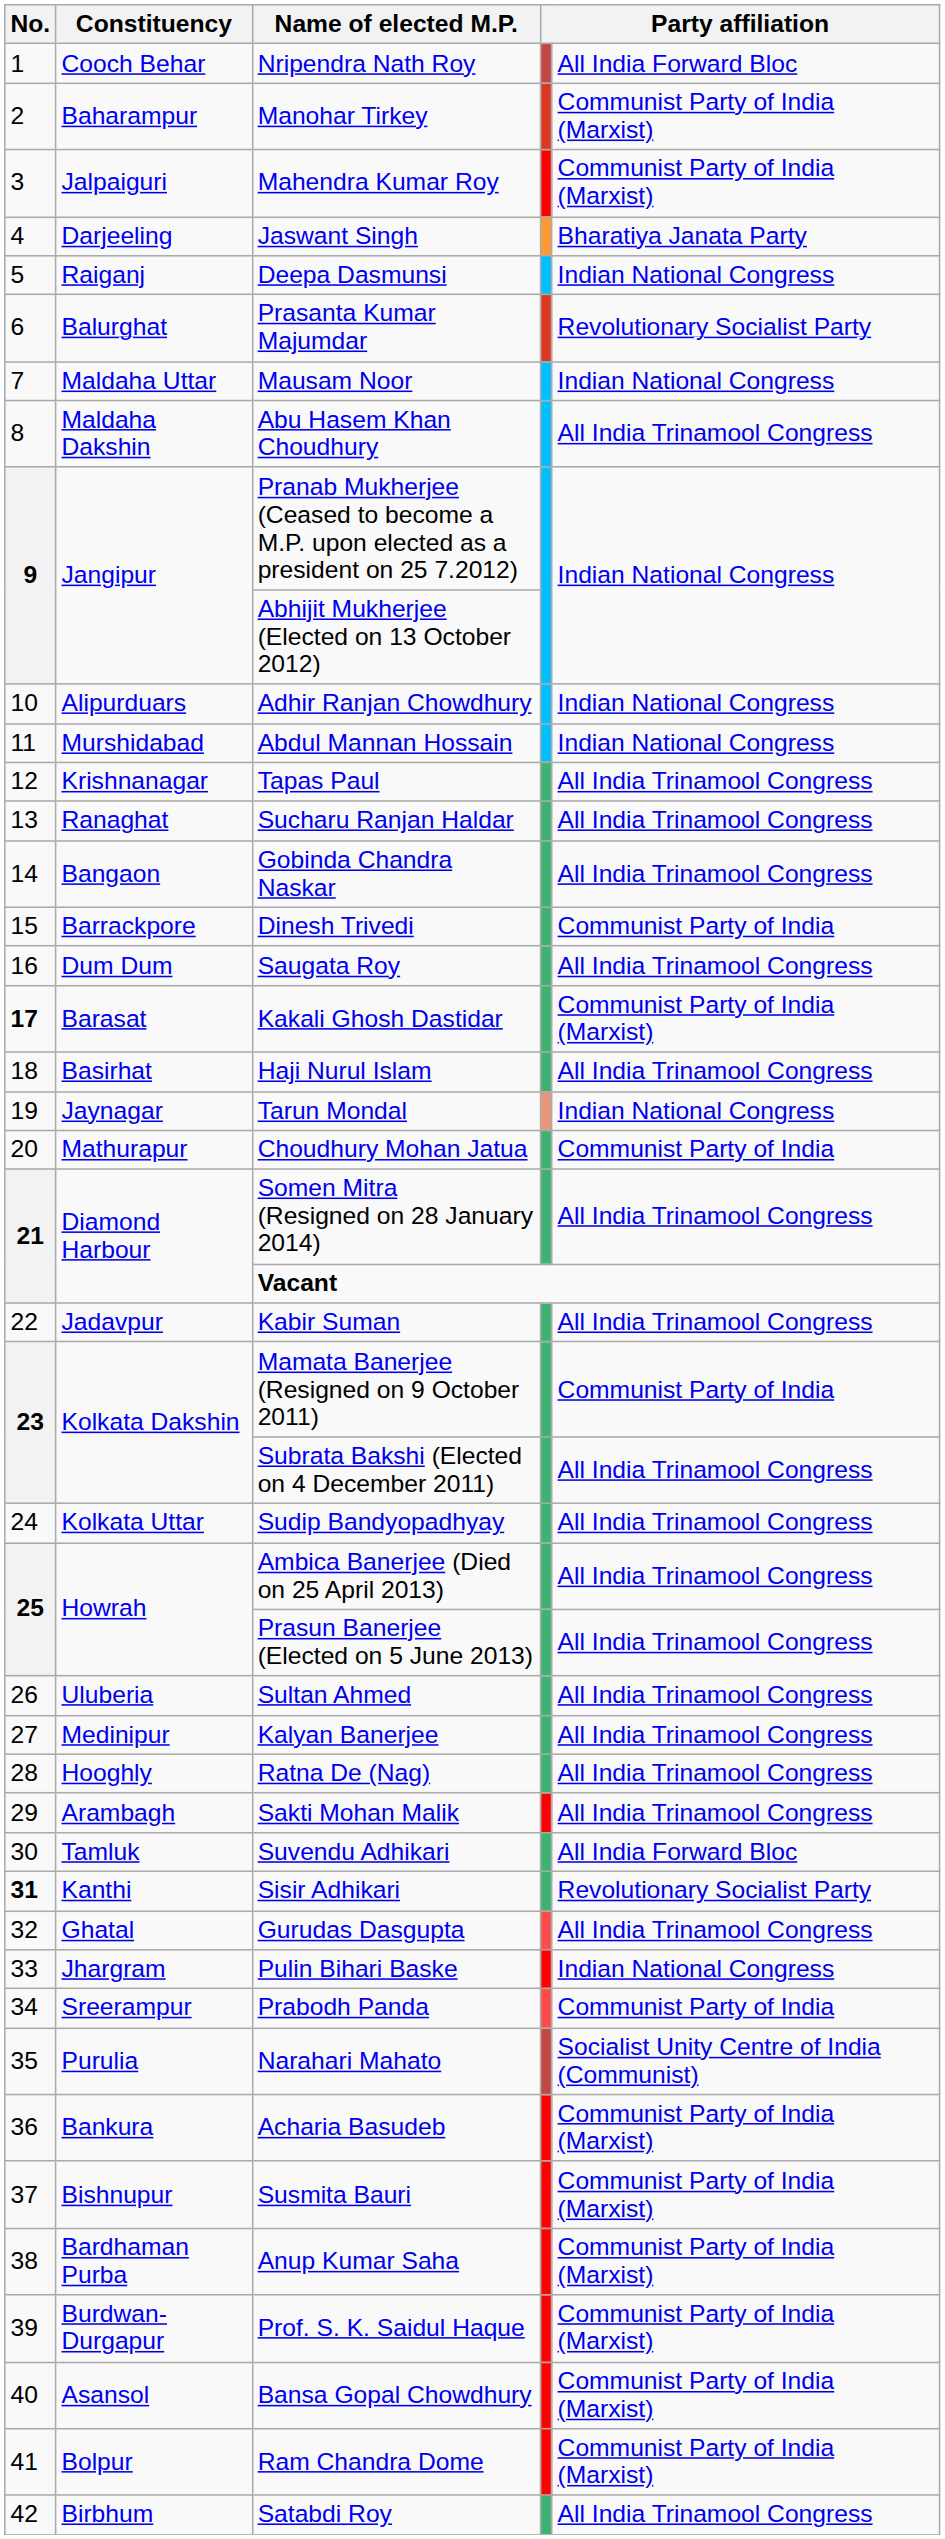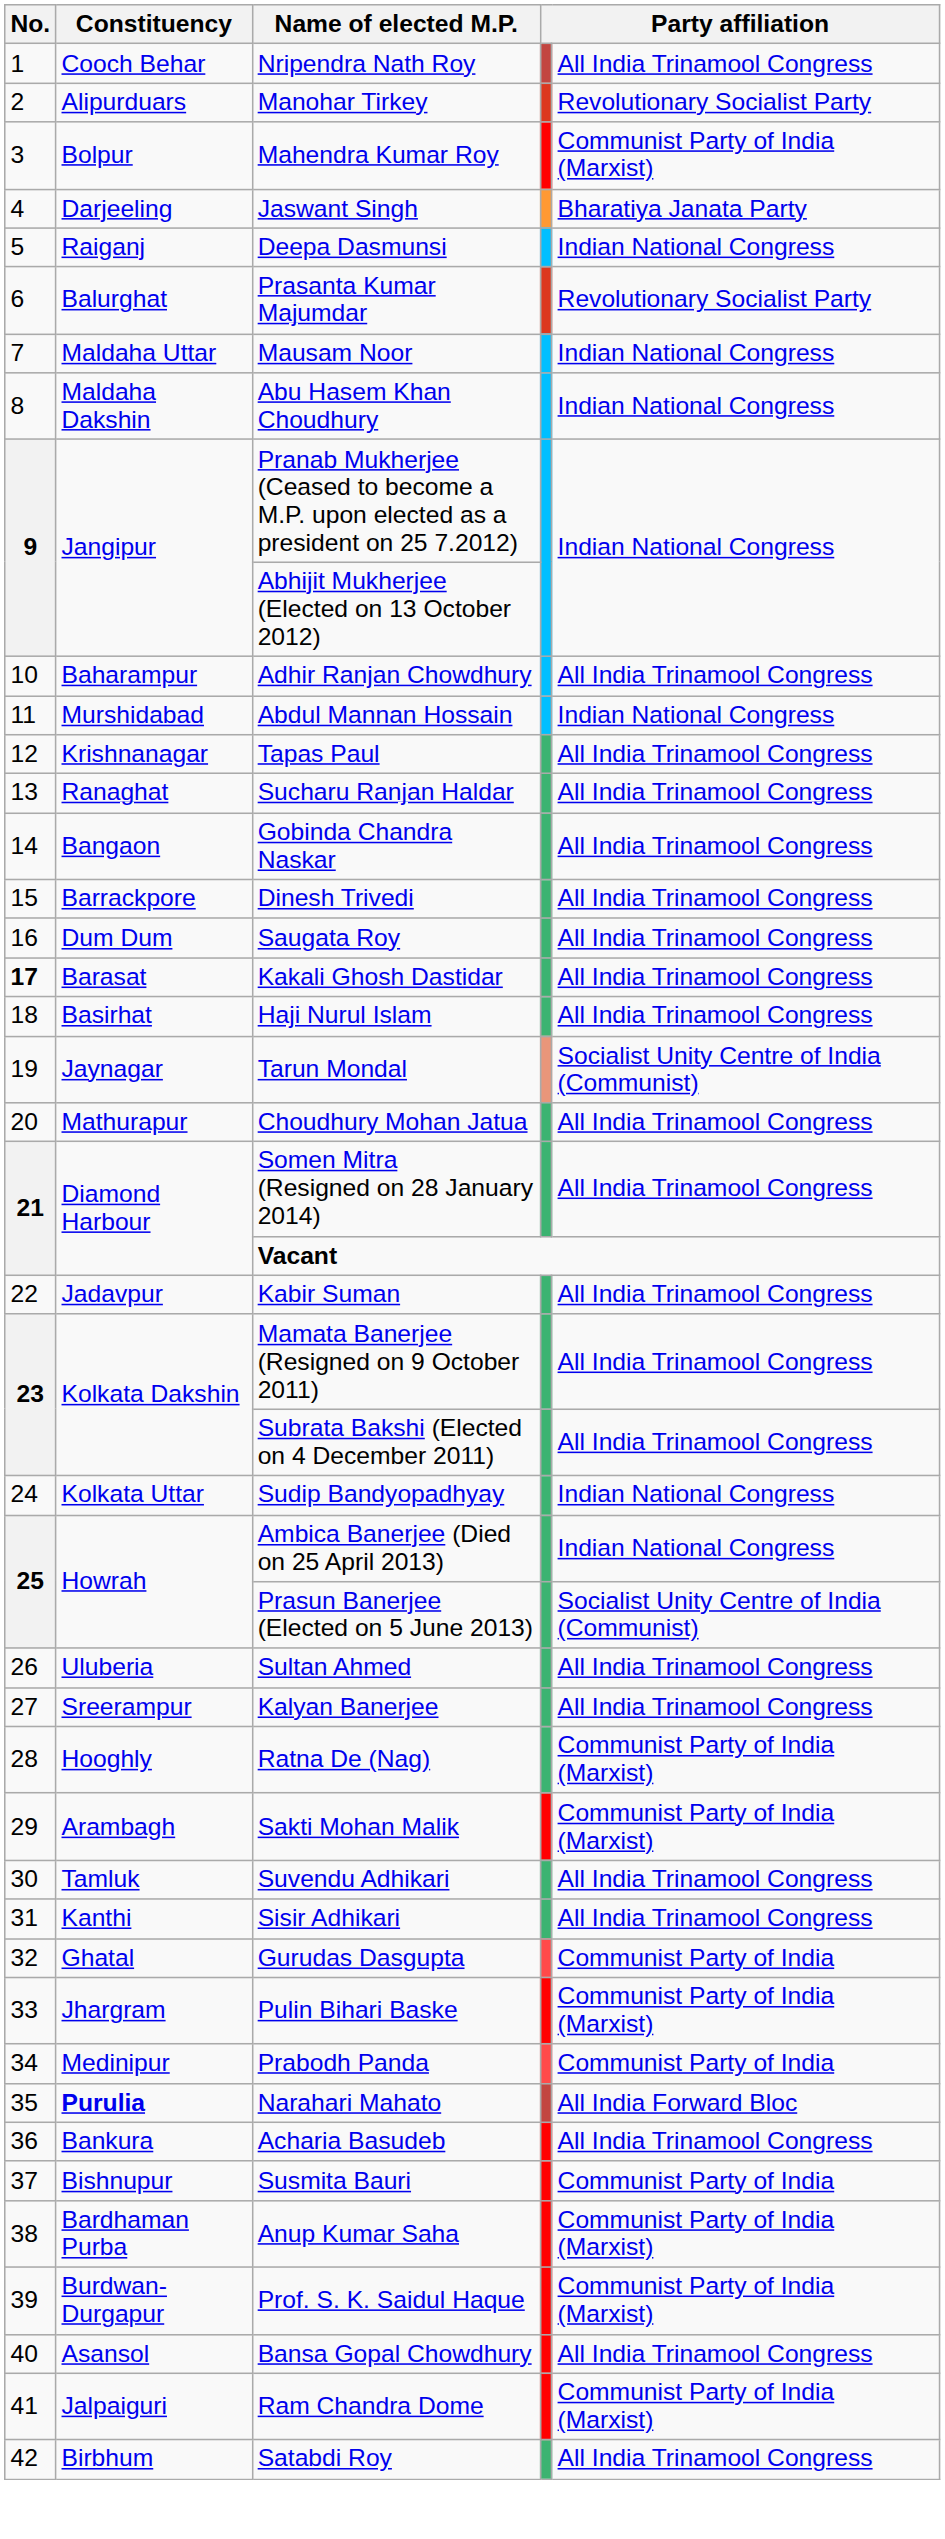 <table class="sortable wikitable">
 <tr>
 <th>No.</th>
 <th style="width:120px">Constituency</th>
 <th style="width:180px">Name of elected M.P.</th>
 <th Colspan=2>Party affiliation</th>
 </tr>
 <tr>
 <td>1</td>
 <td><a href='#'>Cooch Behar</a></td>
 <td><a href='#'>Nripendra Nath Roy</a></td>
 <td bgcolor=#C24641></td>
-<td><a href='#'>All India Forward Bloc</a></td>
+<td><a href='#'>All India Trinamool Congress</a></td>
 </tr>
 <tr>
 <td>2</td>
-<td><a href='#'>Baharampur</a></td>
+<td><a href='#'>Alipurduars</a></td>
 <td><a href='#'>Manohar Tirkey</a></td>
 <td bgcolor=#DC381F></td>
-<td><a href='#'>Communist Party of India (Marxist)</a></td>
+<td><a href='#'>Revolutionary Socialist Party</a></td>
 </tr>
 <tr>
 <td>3</td>
-<td><a href='#'>Jalpaiguri</a></td>
+<td><a href='#'>Bolpur</a></td>
 <td><a href='#'>Mahendra Kumar Roy</a></td>
 <td bgcolor=#FF0000></td>
 <td><a href='#'>Communist Party of India (Marxist)</a></td>
 </tr>
 <tr>
 <td>4</td>
 <td><a href='#'>Darjeeling</a></td>
 <td><a href='#'>Jaswant Singh</a></td>
 <td bgcolor=#FF9933></td>
 <td><a href='#'>Bharatiya Janata Party</a></td>
 </tr>
 <tr>
 <td>5</td>
 <td><a href='#'>Raiganj</a></td>
 <td><a href='#'>Deepa Dasmunsi</a></td>
 <td bgcolor=#00BFFF></td>
 <td><a href='#'>Indian National Congress</a></td>
 </tr>
 <tr>
 <td>6</td>
 <td><a href='#'>Balurghat</a></td>
 <td><a href='#'>Prasanta Kumar Majumdar</a></td>
 <td bgcolor=#DC381F></td>
 <td><a href='#'>Revolutionary Socialist Party</a></td>
 </tr>
 <tr>
 <td>7</td>
 <td><a href='#'>Maldaha Uttar</a></td>
 <td><a href='#'>Mausam Noor</a></td>
 <td bgcolor=#00BFFF></td>
 <td><a href='#'>Indian National Congress</a></td>
 </tr>
 <tr>
 <td>8</td>
 <td><a href='#'>Maldaha Dakshin</a></td>
 <td><a href='#'>Abu Hasem Khan Choudhury</a></td>
 <td bgcolor=#00BFFF></td>
-<td><a href='#'>All India Trinamool Congress</a></td>
+<td><a href='#'>Indian National Congress</a></td>
 </tr>
 <tr>
 <th rowspan="2">9</th>
 <td rowspan="2"><a href='#'>Jangipur</a></td>
 <td><a href='#'>Pranab Mukherjee</a><br>(Ceased to become a M.P. upon elected as a president on 25 7.2012)</td>
 <td rowspan="2" bgcolor=#00BFFF></td>
 <td rowspan="2"><a href='#'>Indian National Congress</a></td>
 </tr>
 <tr>
 <td><a href='#'>Abhijit Mukherjee</a><br>(Elected on 13 October 2012)</td>
 </tr>
 <tr>
 <td>10</td>
-<td><a href='#'>Alipurduars</a></td>
+<td><a href='#'>Baharampur</a></td>
 <td><a href='#'>Adhir Ranjan Chowdhury</a></td>
 <td bgcolor=#00BFFF></td>
-<td><a href='#'>Indian National Congress</a></td>
+<td><a href='#'>All India Trinamool Congress</a></td>
 </tr>
 <tr>
 <td>11</td>
 <td><a href='#'>Murshidabad</a></td>
 <td><a href='#'>Abdul Mannan Hossain</a></td>
 <td bgcolor=#00BFFF></td>
 <td><a href='#'>Indian National Congress</a></td>
 </tr>
 <tr>
 <td>12</td>
 <td><a href='#'>Krishnanagar</a></td>
 <td><a href='#'>Tapas Paul</a></td>
 <td bgcolor=#3CB371></td>
 <td><a href='#'>All India Trinamool Congress</a></td>
 </tr>
 <tr>
 <td>13</td>
 <td><a href='#'>Ranaghat</a></td>
 <td><a href='#'>Sucharu Ranjan Haldar</a></td>
 <td bgcolor=#3CB371></td>
 <td><a href='#'>All India Trinamool Congress</a></td>
 </tr>
 <tr>
 <td>14</td>
 <td><a href='#'>Bangaon</a></td>
 <td><a href='#'>Gobinda Chandra Naskar</a></td>
 <td bgcolor=#3CB371></td>
 <td><a href='#'>All India Trinamool Congress</a></td>
 </tr>
 <tr>
 <td>15</td>
 <td><a href='#'>Barrackpore</a></td>
 <td><a href='#'>Dinesh Trivedi</a></td>
 <td bgcolor=#3CB371></td>
-<td><a href='#'>Communist Party of India</a></td>
+<td><a href='#'>All India Trinamool Congress</a></td>
 </tr>
 <tr>
 <td>16</td>
 <td><a href='#'>Dum Dum</a></td>
 <td><a href='#'>Saugata Roy</a></td>
 <td bgcolor=#3CB371></td>
 <td><a href='#'>All India Trinamool Congress</a></td>
 </tr>
 <tr>
 <td><strong>17</strong></td>
 <td><a href='#'>Barasat</a></td>
 <td><a href='#'>Kakali Ghosh Dastidar</a></td>
 <td bgcolor=#3CB371></td>
-<td><a href='#'>Communist Party of India (Marxist)</a></td>
+<td><a href='#'>All India Trinamool Congress</a></td>
 </tr>
 <tr>
 <td>18</td>
 <td><a href='#'>Basirhat</a></td>
 <td><a href='#'>Haji Nurul Islam</a></td>
 <td bgcolor=#3CB371></td>
 <td><a href='#'>All India Trinamool Congress</a></td>
 </tr>
 <tr>
 <td>19</td>
 <td><a href='#'>Jaynagar</a></td>
 <td><a href='#'>Tarun Mondal</a></td>
 <td bgcolor=darksalmon></td>
-<td><a href='#'>Indian National Congress</a></td>
+<td><a href='#'>Socialist Unity Centre of India (Communist)</a></td>
 </tr>
 <tr>
 <td>20</td>
 <td><a href='#'>Mathurapur</a></td>
 <td><a href='#'>Choudhury Mohan Jatua</a></td>
 <td bgcolor=#3CB371></td>
-<td><a href='#'>Communist Party of India</a></td>
+<td><a href='#'>All India Trinamool Congress</a></td>
 </tr>
 <tr>
 <th rowspan="2">21</th>
 <td rowspan="2"><a href='#'>Diamond Harbour</a></td>
 <td><a href='#'>Somen Mitra</a><br>(Resigned on 28 January 2014)</td>
 <td bgcolor=#3CB371></td>
 <td><a href='#'>All India Trinamool Congress</a></td>
 </tr>
 <tr>
 <td colspan="3"><strong>Vacant</strong></td>
 </tr>
 <tr>
 <td>22</td>
 <td><a href='#'>Jadavpur</a></td>
 <td><a href='#'>Kabir Suman</a></td>
 <td bgcolor=#3CB371></td>
 <td><a href='#'>All India Trinamool Congress</a></td>
 </tr>
 <tr>
 <th rowspan="2">23</th>
 <td rowspan="2"><a href='#'>Kolkata Dakshin</a></td>
 <td><a href='#'>Mamata Banerjee</a><br>(Resigned on 9 October 2011)</td>
 <td bgcolor=#3CB371></td>
-<td><a href='#'>Communist Party of India</a></td>
+<td><a href='#'>All India Trinamool Congress</a></td>
 </tr>
 <tr>
 <td><a href='#'>Subrata Bakshi</a> (Elected on 4 December 2011)</td>
 <td bgcolor=#3CB371></td>
 <td><a href='#'>All India Trinamool Congress</a></td>
 </tr>
 <tr>
 <td>24</td>
 <td><a href='#'>Kolkata Uttar</a></td>
 <td><a href='#'>Sudip Bandyopadhyay</a></td>
 <td bgcolor=#3CB371></td>
-<td><a href='#'>All India Trinamool Congress</a></td>
+<td><a href='#'>Indian National Congress</a></td>
 </tr>
 <tr>
 <th rowspan="2">25</th>
 <td rowspan="2"><a href='#'>Howrah</a></td>
 <td><a href='#'>Ambica Banerjee</a> (Died on 25 April 2013) </td>
 <td bgcolor=#3CB371></td>
-<td><a href='#'>All India Trinamool Congress</a></td>
+<td><a href='#'>Indian National Congress</a></td>
 </tr>
 <tr>
 <td><a href='#'>Prasun Banerjee</a> (Elected on 5 June 2013)</td>
 <td bgcolor=#3CB371></td>
-<td><a href='#'>All India Trinamool Congress</a></td>
+<td><a href='#'>Socialist Unity Centre of India (Communist)</a></td>
 </tr>
 <tr>
 <td>26</td>
 <td><a href='#'>Uluberia</a></td>
 <td><a href='#'>Sultan Ahmed</a></td>
 <td bgcolor=#3CB371></td>
 <td><a href='#'>All India Trinamool Congress</a></td>
 </tr>
 <tr>
 <td>27</td>
-<td><a href='#'>Medinipur</a></td>
+<td><a href='#'>Sreerampur</a></td>
 <td><a href='#'>Kalyan Banerjee</a></td>
 <td bgcolor=#3CB371></td>
 <td><a href='#'>All India Trinamool Congress</a></td>
 </tr>
 <tr>
 <td>28</td>
 <td><a href='#'>Hooghly</a></td>
 <td><a href='#'>Ratna De (Nag)</a></td>
 <td bgcolor=#3CB371></td>
-<td><a href='#'>All India Trinamool Congress</a></td>
+<td><a href='#'>Communist Party of India (Marxist)</a></td>
 </tr>
 <tr>
 <td>29</td>
 <td><a href='#'>Arambagh</a></td>
 <td><a href='#'>Sakti Mohan Malik</a></td>
 <td bgcolor=#FF0000></td>
-<td><a href='#'>All India Trinamool Congress</a></td>
+<td><a href='#'>Communist Party of India (Marxist)</a></td>
 </tr>
 <tr>
 <td>30</td>
 <td><a href='#'>Tamluk</a></td>
 <td><a href='#'>Suvendu Adhikari</a></td>
 <td bgcolor=#3CB371></td>
-<td><a href='#'>All India Forward Bloc</a></td>
+<td><a href='#'>All India Trinamool Congress</a></td>
 </tr>
 <tr>
-<td><strong>31</strong></td>
+<td>31</td>
 <td><a href='#'>Kanthi</a></td>
 <td><a href='#'>Sisir Adhikari</a></td>
 <td bgcolor=#3CB371></td>
-<td><a href='#'>Revolutionary Socialist Party</a></td>
+<td><a href='#'>All India Trinamool Congress</a></td>
 </tr>
 <tr>
 <td>32</td>
 <td><a href='#'>Ghatal</a></td>
 <td><a href='#'>Gurudas Dasgupta</a></td>
 <td bgcolor=#FF4A4A></td>
-<td><a href='#'>All India Trinamool Congress</a></td>
+<td><a href='#'>Communist Party of India</a></td>
 </tr>
 <tr>
 <td>33</td>
 <td><a href='#'>Jhargram</a></td>
 <td><a href='#'>Pulin Bihari Baske</a></td>
 <td bgcolor=#FF0000></td>
-<td><a href='#'>Indian National Congress</a></td>
+<td><a href='#'>Communist Party of India (Marxist)</a></td>
 </tr>
 <tr>
 <td>34</td>
-<td><a href='#'>Sreerampur</a></td>
+<td><a href='#'>Medinipur</a></td>
 <td><a href='#'>Prabodh Panda</a></td>
 <td bgcolor=#FF4A4A></td>
 <td><a href='#'>Communist Party of India</a></td>
 </tr>
 <tr>
 <td>35</td>
-<td><a href='#'>Purulia</a></td>
+<td><strong><a href='#'>Purulia</a></strong></td>
 <td><a href='#'>Narahari Mahato</a></td>
 <td bgcolor=#C24641></td>
-<td><a href='#'>Socialist Unity Centre of India (Communist)</a></td>
+<td><a href='#'>All India Forward Bloc</a></td>
 </tr>
 <tr>
 <td>36</td>
 <td><a href='#'>Bankura</a></td>
 <td><a href='#'>Acharia Basudeb</a></td>
 <td bgcolor=#FF0000></td>
-<td><a href='#'>Communist Party of India (Marxist)</a></td>
+<td><a href='#'>All India Trinamool Congress</a></td>
 </tr>
 <tr>
 <td>37</td>
 <td><a href='#'>Bishnupur</a></td>
 <td><a href='#'>Susmita Bauri</a></td>
 <td bgcolor=#FF0000></td>
-<td><a href='#'>Communist Party of India (Marxist)</a></td>
+<td><a href='#'>Communist Party of India</a></td>
 </tr>
 <tr>
 <td>38</td>
 <td><a href='#'>Bardhaman Purba</a></td>
 <td><a href='#'>Anup Kumar Saha</a></td>
 <td bgcolor=#FF0000></td>
 <td><a href='#'>Communist Party of India (Marxist)</a></td>
 </tr>
 <tr>
 <td>39</td>
 <td><a href='#'>Burdwan-Durgapur</a></td>
 <td><a href='#'>Prof. S. K. Saidul Haque</a></td>
 <td bgcolor=#FF0000></td>
 <td><a href='#'>Communist Party of India (Marxist)</a></td>
 </tr>
 <tr>
 <td>40</td>
 <td><a href='#'>Asansol</a></td>
 <td><a href='#'>Bansa Gopal Chowdhury</a></td>
 <td bgcolor=#FF0000></td>
-<td><a href='#'>Communist Party of India (Marxist)</a></td>
+<td><a href='#'>All India Trinamool Congress</a></td>
 </tr>
 <tr>
 <td>41</td>
-<td><a href='#'>Bolpur</a></td>
+<td><a href='#'>Jalpaiguri</a></td>
 <td><a href='#'>Ram Chandra Dome</a></td>
 <td bgcolor=#FF0000></td>
 <td><a href='#'>Communist Party of India (Marxist)</a></td>
 </tr>
 <tr>
 <td>42</td>
 <td><a href='#'>Birbhum</a></td>
 <td><a href='#'>Satabdi Roy</a></td>
 <td bgcolor=#3CB371></td>
 <td><a href='#'>All India Trinamool Congress</a></td>
 </tr>
 </table>
